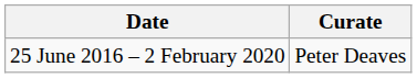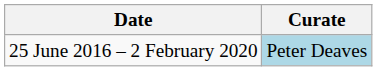 <table class="wikitable">
 <tr>
 <th>Date</th>
 <th>Curate</th>
 </tr>
 <tr>
 <td>25 June 2016 – 2 February 2020</td>
-<td>Peter Deaves</td>
+<td style="background: lightblue;">Peter Deaves</td>
 </tr>
 </table>
